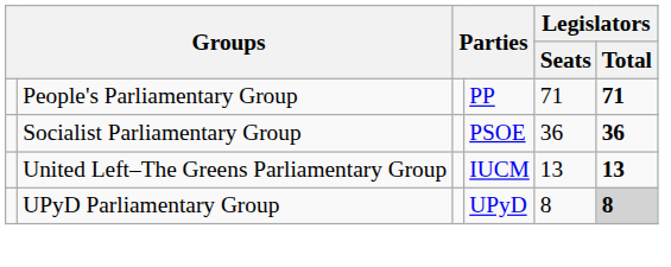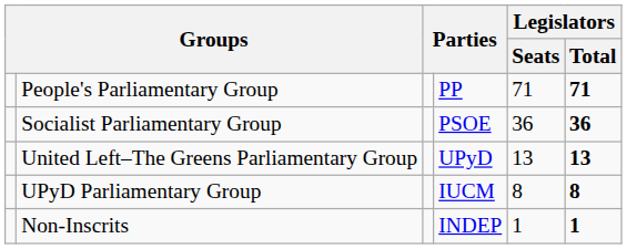 <table class="wikitable" style="text-align:left;">
 <tr>
 <th rowspan="2" colspan="2">Groups</th>
 <th rowspan="2" colspan="2">Parties</th>
 <th colspan="2">Legislators</th>
 </tr>
 <tr>
 <th>Seats</th>
 <th>Total</th>
 </tr>
 <tr>
 <td width="1" style="color:inherit;background:"></td>
 <td>People's Parliamentary Group</td>
 <td width="1" style="color:inherit;background:"></td>
 <td><a href='#'>PP</a></td>
 <td>71</td>
 <td><strong>71</strong></td>
 </tr>
 <tr>
 <td style="color:inherit;background:"></td>
 <td>Socialist Parliamentary Group</td>
 <td style="color:inherit;background:"></td>
 <td><a href='#'>PSOE</a></td>
 <td>36</td>
 <td><strong>36</strong></td>
 </tr>
 <tr>
 <td style="color:inherit;background:"></td>
 <td>United Left–The Greens Parliamentary Group</td>
 <td style="color:inherit;background:"></td>
-<td><a href='#'>IUCM</a></td>
+<td><a href='#'>UPyD</a></td>
 <td>13</td>
 <td><strong>13</strong></td>
 </tr>
 <tr>
 <td style="color:inherit;background:"></td>
 <td>UPyD Parliamentary Group</td>
 <td style="color:inherit;background:"></td>
-<td><a href='#'>UPyD</a></td>
+<td><a href='#'>IUCM</a></td>
 <td>8</td>
-<td style="background: lightgrey;"><strong>8</strong></td>
+<td><strong>8</strong></td>
+</tr>
+<tr>
+<td style="color:inherit;background:"></td>
+<td>Non-Inscrits</td>
+<td style="color:inherit;background:"></td>
+<td><a href='#'>INDEP</a></td>
+<td>1</td>
+<td><strong>1</strong></td>
 </tr>
 </table>
